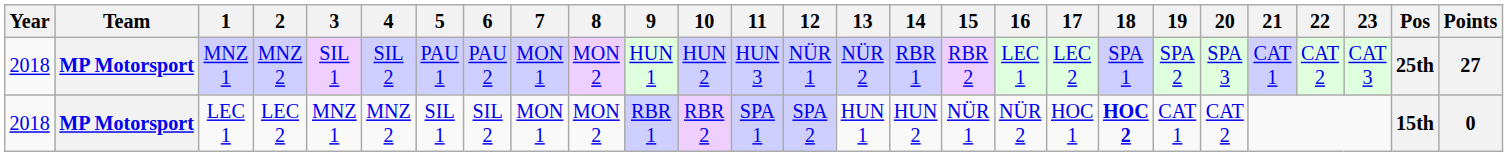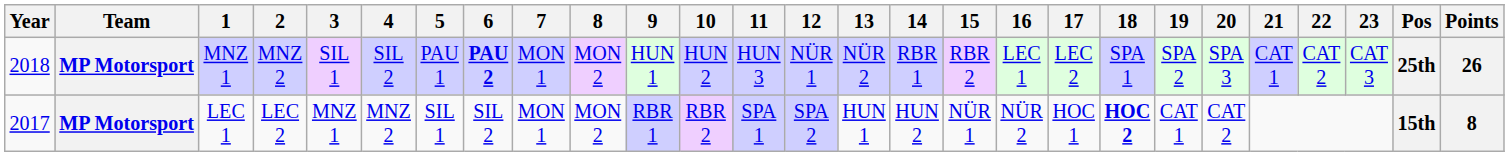 <table class="wikitable" style="text-align:center; font-size:85%">
 <tr>
 <th>Year</th>
 <th>Team</th>
 <th>1</th>
 <th>2</th>
 <th>3</th>
 <th>4</th>
 <th>5</th>
 <th>6</th>
 <th>7</th>
 <th>8</th>
 <th>9</th>
 <th>10</th>
 <th>11</th>
 <th>12</th>
 <th>13</th>
 <th>14</th>
 <th>15</th>
 <th>16</th>
 <th>17</th>
 <th>18</th>
 <th>19</th>
 <th>20</th>
 <th>21</th>
 <th>22</th>
 <th>23</th>
 <th>Pos</th>
 <th>Points</th>
 </tr>
 <tr>
 <td><a href='#'>2018</a></td>
 <th nowrap><a href='#'>MP Motorsport</a></th>
 <td style="background:#CFCFFF;"><a href='#'>MNZ<br>1</a><br></td>
 <td style="background:#CFCFFF;"><a href='#'>MNZ<br>2</a><br></td>
 <td style="background:#EFCFFF;"><a href='#'>SIL<br>1</a><br></td>
 <td style="background:#CFCFFF;"><a href='#'>SIL<br>2</a><br></td>
 <td style="background:#CFCFFF;"><a href='#'>PAU<br>1</a><br></td>
-<td style="background:#CFCFFF;"><a href='#'>PAU<br>2</a><br></td>
+<td style="background:#CFCFFF;"><strong><a href='#'>PAU<br>2</a><br></strong></td>
 <td style="background:#CFCFFF;"><a href='#'>MON<br>1</a><br></td>
 <td style="background:#EFCFFF;"><a href='#'>MON<br>2</a><br></td>
 <td style="background:#DFFFDF;"><a href='#'>HUN<br>1</a><br></td>
 <td style="background:#CFCFFF;"><a href='#'>HUN<br>2</a><br></td>
 <td style="background:#CFCFFF;"><a href='#'>HUN<br>3</a><br></td>
 <td style="background:#CFCFFF;"><a href='#'>NÜR<br>1</a><br></td>
 <td style="background:#CFCFFF;"><a href='#'>NÜR<br>2</a><br></td>
 <td style="background:#CFCFFF;"><a href='#'>RBR<br>1</a><br></td>
 <td style="background:#EFCFFF;"><a href='#'>RBR<br>2</a><br></td>
 <td style="background:#DFFFDF;"><a href='#'>LEC<br>1</a><br></td>
 <td style="background:#DFFFDF;"><a href='#'>LEC<br>2</a><br></td>
 <td style="background:#CFCFFF;"><a href='#'>SPA<br>1</a><br></td>
 <td style="background:#DFFFDF;"><a href='#'>SPA<br>2</a><br></td>
 <td style="background:#DFFFDF;"><a href='#'>SPA<br>3</a><br></td>
 <td style="background:#CFCFFF;"><a href='#'>CAT<br>1</a><br></td>
 <td style="background:#DFFFDF;"><a href='#'>CAT<br>2</a><br></td>
 <td style="background:#DFFFDF;"><a href='#'>CAT<br>3</a><br></td>
 <th>25th</th>
-<th>27</th>
+<th>26</th>
 </tr>
 <tr>
-<td><a href='#'>2018</a></td>
+<td><a href='#'>2017</a></td>
 <th nowrap><a href='#'>MP Motorsport</a></th>
 <td style="background:#;"><a href='#'>LEC<br>1</a></td>
 <td style="background:#;"><a href='#'>LEC<br>2</a></td>
 <td style="background:#;"><a href='#'>MNZ<br>1</a></td>
 <td style="background:#;"><a href='#'>MNZ<br>2</a></td>
 <td style="background:#;"><a href='#'>SIL<br>1</a></td>
 <td style="background:#;"><a href='#'>SIL<br>2</a></td>
 <td style="background:#;"><a href='#'>MON<br>1</a></td>
 <td style="background:#;"><a href='#'>MON<br>2</a></td>
 <td style="background:#CFCFFF;"><a href='#'>RBR<br>1</a><br></td>
 <td style="background:#EFCFFF;"><a href='#'>RBR<br>2</a><br></td>
 <td style="background:#CFCFFF;"><a href='#'>SPA<br>1</a><br></td>
 <td style="background:#CFCFFF;"><a href='#'>SPA<br>2</a><br></td>
 <td style="background:#;"><a href='#'>HUN<br>1</a></td>
 <td style="background:#;"><a href='#'>HUN<br>2</a></td>
 <td style="background:#;"><a href='#'>NÜR<br>1</a></td>
 <td style="background:#;"><a href='#'>NÜR<br>2</a></td>
 <td style="background:#;"><a href='#'>HOC<br>1</a></td>
 <td style="background:#;"><strong><a href='#'>HOC<br>2</a></strong></td>
 <td style="background:#;"><a href='#'>CAT<br>1</a></td>
 <td style="background:#;"><a href='#'>CAT<br>2</a></td>
 <td colspan=3></td>
 <th>15th</th>
-<th>0</th>
+<th>8</th>
 </tr>
 </table>
